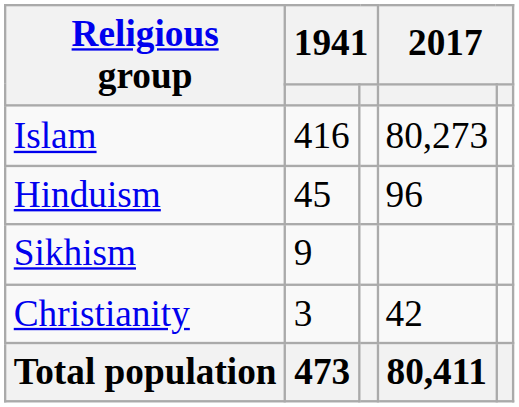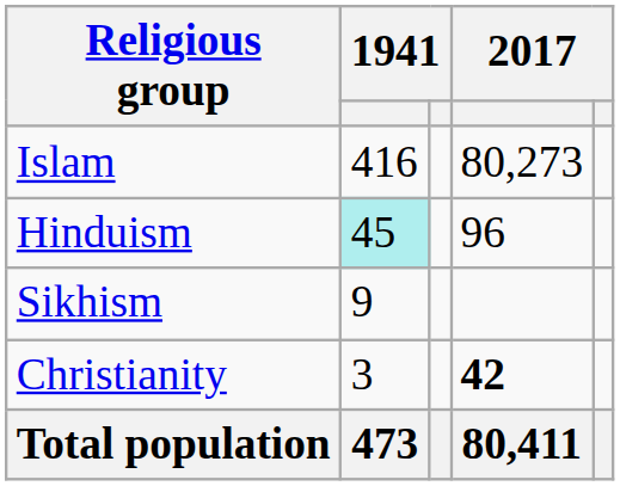 <table class="wikitable sortable">
 <tr>
 <th rowspan="2"><a href='#'>Religious</a><br>group</th>
 <th colspan="2">1941</th>
 <th colspan="2">2017</th>
 </tr>
 <tr>
 <th><a href='#'></a></th>
 <th></th>
 <th></th>
 <th></th>
 </tr>
 <tr>
 <td><a href='#'>Islam</a> </td>
 <td>416</td>
 <td></td>
 <td>80,273</td>
 <td></td>
 </tr>
 <tr>
 <td><a href='#'>Hinduism</a> </td>
-<td>45</td>
+<td style="background: paleturquoise;">45</td>
 <td></td>
 <td>96</td>
 <td></td>
 </tr>
 <tr>
 <td><a href='#'>Sikhism</a> </td>
 <td>9</td>
 <td></td>
 <td></td>
 <td></td>
 </tr>
 <tr>
 <td><a href='#'>Christianity</a> </td>
 <td>3</td>
 <td></td>
-<td>42</td>
+<td><strong>42</strong></td>
 <td></td>
 </tr>
 <tr>
 <th>Total population</th>
 <th>473</th>
 <th></th>
 <th>80,411</th>
 <th></th>
 </tr>
 </table>
